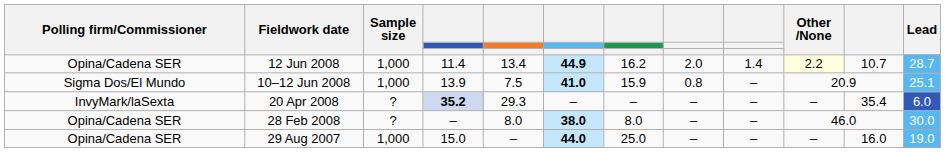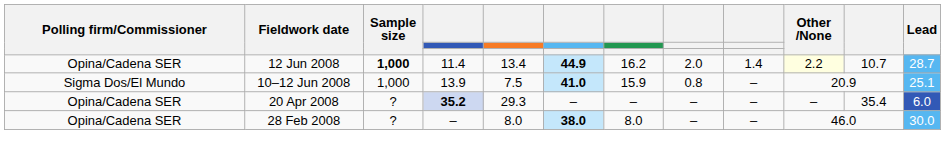 <table class="wikitable collapsible collapsed" style="text-align:center; font-size:90%; line-height:14px;">
 <tr style="height:42px;">
 <th style="width:260px;" rowspan="3">Polling firm/Commissioner</th>
 <th style="width:125px;" rowspan="3">Fieldwork date</th>
 <th style="width:60px;" rowspan="3">Sample size</th>
 <th style="width:60px;"></th>
 <th style="width:60px;"></th>
 <th style="width:60px;"></th>
 <th style="width:60px;"></th>
 <th style="width:60px;"></th>
 <th style="width:60px;"></th>
 <th style="width:60px;" rowspan="3">Other<br>/None</th>
 <th style="width:60px;" rowspan="3"></th>
 <th style="width:30px;" rowspan="3">Lead</th>
 </tr>
 <tr>
 <th style="color:inherit;background:#3259B6;"></th>
 <th style="color:inherit;background:#F77B25;"></th>
 <th style="color:inherit;background:#56B7F1;"></th>
 <th style="color:inherit;background:#229751;"></th>
 <th style="color:inherit;background:"></th>
 <th style="color:inherit;background:"></th>
 </tr>
 <tr>
 <th></th>
 <th></th>
 <th></th>
 <th></th>
 <th></th>
 <th></th>
 </tr>
 <tr>
 <td>Opina/Cadena SER</td>
 <td>12 Jun 2008</td>
-<td>1,000</td>
+<td><strong>1,000</strong></td>
 <td>11.4</td>
 <td>13.4</td>
 <td style="color:inherit;background:#C4E7FB;"><strong>44.9</strong></td>
 <td>16.2</td>
 <td>2.0</td>
 <td>1.4</td>
 <td style="background: lightyellow;">2.2</td>
 <td>10.7</td>
 <td style="color:inherit;background:#56B7F1; color:white;">28.7</td>
 </tr>
 <tr>
 <td>Sigma Dos/El Mundo</td>
 <td>10–12 Jun 2008</td>
 <td>1,000</td>
 <td>13.9</td>
 <td>7.5</td>
 <td style="color:inherit;background:#C4E7FB;"><strong>41.0</strong></td>
 <td>15.9</td>
 <td>0.8</td>
 <td>–</td>
 <td colspan="2">20.9</td>
 <td style="color:inherit;background:#56B7F1; color:white;">25.1</td>
 </tr>
 <tr>
-<td>InvyMark/laSexta</td>
+<td>Opina/Cadena SER</td>
 <td>20 Apr 2008</td>
 <td>?</td>
 <td style="color:inherit;background:#CDD8F1;"><strong>35.2</strong></td>
 <td>29.3</td>
 <td>–</td>
 <td>–</td>
 <td>–</td>
 <td>–</td>
 <td>–</td>
 <td>35.4</td>
 <td style="color:inherit;background:#3259B6; color:white;">6.0</td>
 </tr>
 <tr>
 <td>Opina/Cadena SER</td>
 <td>28 Feb 2008</td>
 <td>?</td>
 <td>–</td>
 <td>8.0</td>
 <td style="color:inherit;background:#C4E7FB;"><strong>38.0</strong></td>
 <td>8.0</td>
 <td>–</td>
 <td>–</td>
 <td colspan="2">46.0</td>
 <td style="color:inherit;background:#56B7F1; color:white;">30.0</td>
 </tr>
-<tr>
-<td>Opina/Cadena SER</td>
-<td>29 Aug 2007</td>
-<td>1,000</td>
-<td>15.0</td>
-<td>–</td>
-<td style="color:inherit;background:#C4E7FB;"><strong>44.0</strong></td>
-<td>25.0</td>
-<td>–</td>
-<td>–</td>
-<td>–</td>
-<td>16.0</td>
-<td style="color:inherit;background:#56B7F1; color:white;">19.0</td>
-</tr>
 </table>
